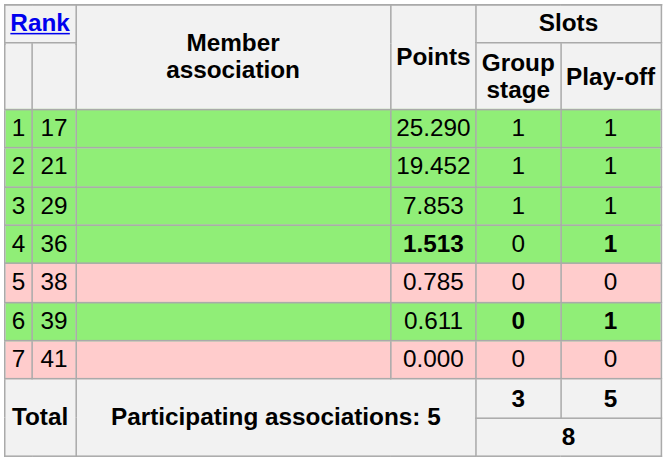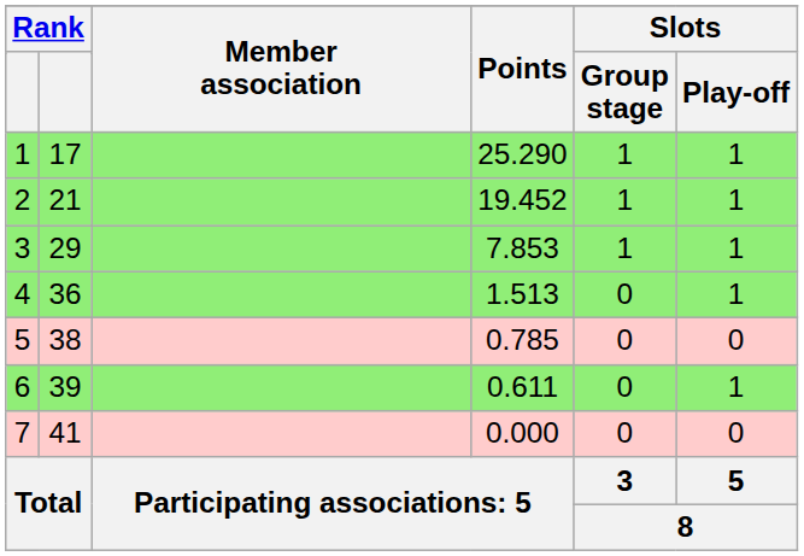 <table class="wikitable" style="text-align:center">
 <tr>
 </tr>
 <tr>
 <th colspan=2 rowspan=2><a href='#'>Rank</a></th>
 <th rowspan=3 width=200>Member<br>association</th>
 <th rowspan=3>Points</th>
 <th colspan=2>Slots</th>
 </tr>
 <tr>
 <th rowspan=2>Group<br>stage</th>
 <th rowspan=2>Play-off</th>
 </tr>
 <tr>
 <th></th>
 <th></th>
 </tr>
 <tr bgcolor=#90ee77>
 <td>1</td>
 <td>17</td>
 <td align=left></td>
 <td>25.290</td>
 <td>1</td>
 <td>1</td>
 </tr>
 <tr bgcolor=#90ee77>
 <td>2</td>
 <td>21</td>
 <td align=left></td>
 <td>19.452</td>
 <td>1</td>
 <td>1</td>
 </tr>
 <tr bgcolor=#90ee77>
 <td>3</td>
 <td>29</td>
 <td align=left></td>
 <td>7.853</td>
 <td>1</td>
 <td>1</td>
 </tr>
 <tr bgcolor=#90ee77>
 <td>4</td>
 <td>36</td>
 <td align=left></td>
-<td><strong>1.513</strong></td>
+<td>1.513</td>
 <td>0</td>
-<td><strong>1</strong></td>
+<td>1</td>
 </tr>
 <tr bgcolor=#ffcccc>
 <td>5</td>
 <td>38</td>
 <td align=left></td>
 <td>0.785</td>
 <td>0</td>
 <td>0</td>
 </tr>
 <tr bgcolor=#90ee77>
 <td>6</td>
 <td>39</td>
 <td align=left></td>
 <td>0.611</td>
-<td><strong>0</strong></td>
-<td><strong>1</strong></td>
+<td>0</td>
+<td>1</td>
 </tr>
 <tr bgcolor=#ffcccc>
 <td>7</td>
 <td>41</td>
 <td align=left></td>
 <td>0.000</td>
 <td>0</td>
 <td>0</td>
 </tr>
 <tr>
 <th colspan=2 rowspan=2>Total</th>
 <th colspan=2 rowspan=2>Participating associations: 5</th>
 <th>3</th>
 <th>5</th>
 </tr>
 <tr>
 <th colspan=2>8</th>
 </tr>
 </table>
